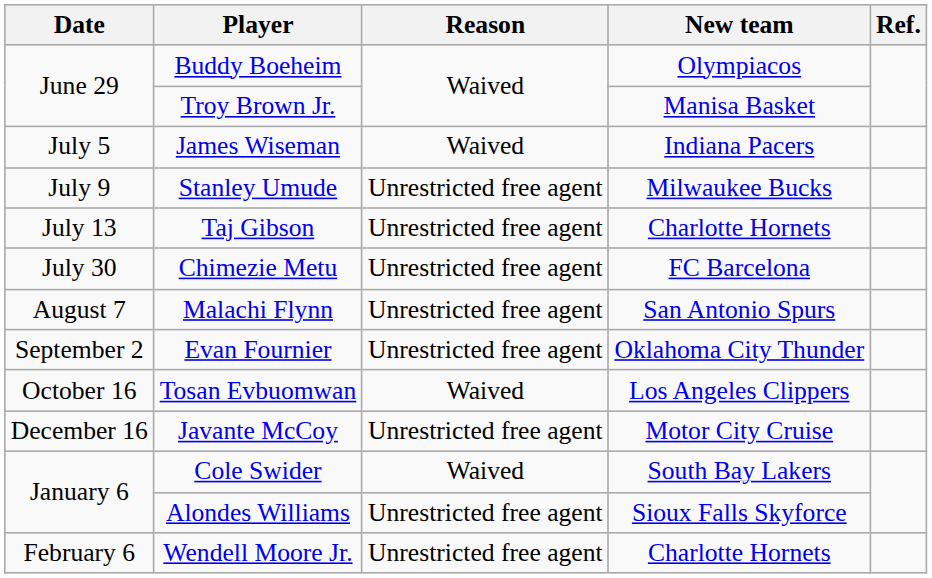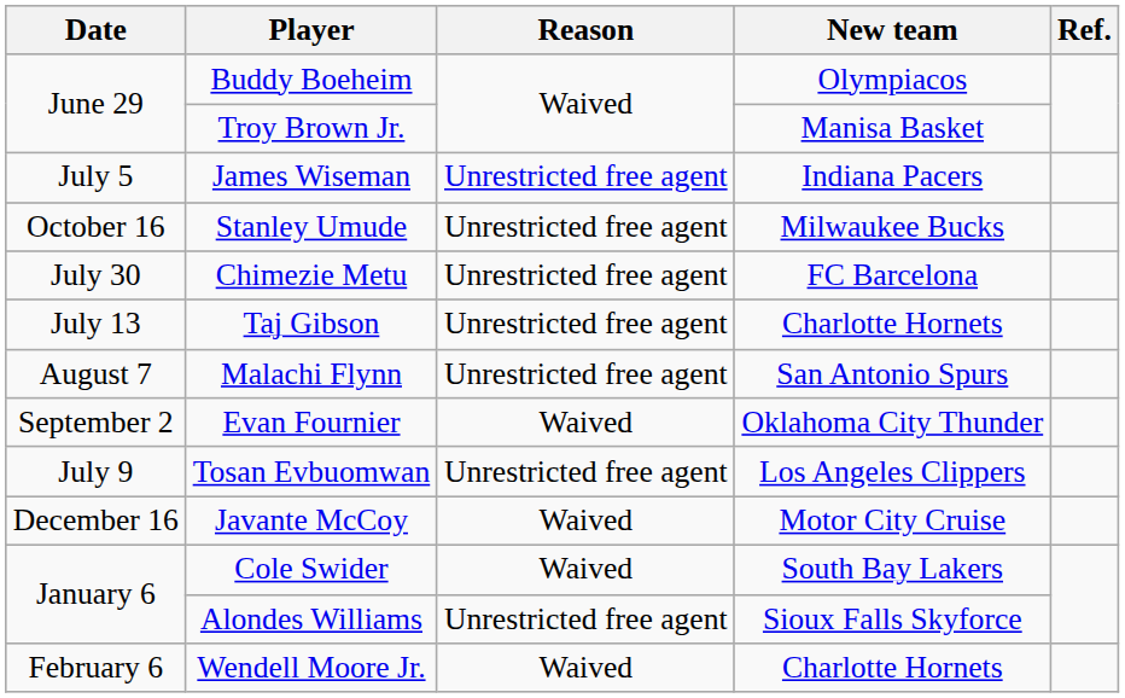 <table class="wikitable sortable sortable" style="text-align: center">
 <tr>
 <th>Date</th>
 <th>Player</th>
 <th>Reason</th>
 <th>New team</th>
 <th>Ref.</th>
 </tr>
 <tr>
 <td rowspan=2>June 29</td>
 <td><a href='#'>Buddy Boeheim</a></td>
 <td rowspan=2>Waived</td>
 <td> <a href='#'>Olympiacos</a></td>
 <td rowspan=2></td>
 </tr>
 <tr>
 <td><a href='#'>Troy Brown Jr.</a></td>
 <td> <a href='#'>Manisa Basket</a></td>
 </tr>
 <tr>
 <td>July 5</td>
 <td><a href='#'>James Wiseman</a></td>
-<td>Waived</td>
+<td><a href='#'>Unrestricted free agent</a></td>
 <td><a href='#'>Indiana Pacers</a></td>
 <td></td>
 </tr>
 <tr>
-<td>July 9</td>
+<td>October 16</td>
 <td><a href='#'>Stanley Umude</a></td>
 <td>Unrestricted free agent</td>
 <td><a href='#'>Milwaukee Bucks</a></td>
+<td></td>
+</tr>
+<tr>
+<td>July 30</td>
+<td><a href='#'>Chimezie Metu</a></td>
+<td>Unrestricted free agent</td>
+<td> <a href='#'>FC Barcelona</a></td>
 <td></td>
 </tr>
 <tr>
 <td>July 13</td>
 <td><a href='#'>Taj Gibson</a></td>
 <td>Unrestricted free agent</td>
 <td><a href='#'>Charlotte Hornets</a></td>
-<td></td>
-</tr>
-<tr>
-<td>July 30</td>
-<td><a href='#'>Chimezie Metu</a></td>
-<td>Unrestricted free agent</td>
-<td> <a href='#'>FC Barcelona</a></td>
 <td></td>
 </tr>
 <tr>
 <td>August 7</td>
 <td><a href='#'>Malachi Flynn</a></td>
 <td>Unrestricted free agent</td>
 <td><a href='#'>San Antonio Spurs</a></td>
 <td></td>
 </tr>
 <tr>
 <td>September 2</td>
 <td><a href='#'>Evan Fournier</a></td>
-<td>Unrestricted free agent</td>
+<td>Waived</td>
 <td><a href='#'>Oklahoma City Thunder</a></td>
 <td></td>
 </tr>
 <tr>
-<td>October 16</td>
+<td>July 9</td>
 <td><a href='#'>Tosan Evbuomwan</a></td>
-<td>Waived</td>
+<td>Unrestricted free agent</td>
 <td><a href='#'>Los Angeles Clippers</a></td>
 <td></td>
 </tr>
 <tr>
 <td>December 16</td>
 <td><a href='#'>Javante McCoy</a></td>
-<td>Unrestricted free agent</td>
+<td>Waived</td>
 <td><a href='#'>Motor City Cruise</a></td>
 <td></td>
 </tr>
 <tr style="text-align: center">
 <td rowspan="2">January 6</td>
 <td><a href='#'>Cole Swider</a></td>
 <td>Waived</td>
 <td><a href='#'>South Bay Lakers</a></td>
 <td rowspan="2"></td>
 </tr>
 <tr style="text-align: center">
 <td><a href='#'>Alondes Williams</a></td>
 <td>Unrestricted free agent</td>
 <td><a href='#'>Sioux Falls Skyforce</a></td>
 </tr>
 <tr>
 <td>February 6</td>
 <td><a href='#'>Wendell Moore Jr.</a></td>
-<td>Unrestricted free agent</td>
+<td>Waived</td>
 <td><a href='#'>Charlotte Hornets</a></td>
 <td></td>
 </tr>
 </table>
